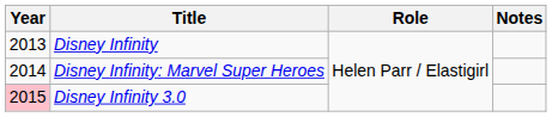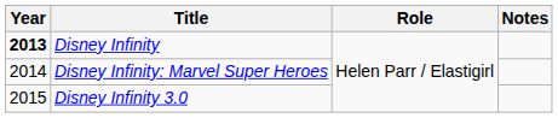 <table class="wikitable">
 <tr>
 <th>Year</th>
 <th>Title</th>
 <th>Role</th>
 <th>Notes</th>
 </tr>
 <tr>
-<td>2013</td>
+<td><strong>2013</strong></td>
 <td><em><a href='#'>Disney Infinity</a></em></td>
 <td rowspan="4">Helen Parr / Elastigirl</td>
 <td></td>
 </tr>
 <tr>
 <td>2014</td>
 <td><em><a href='#'>Disney Infinity: Marvel Super Heroes</a></em></td>
 <td></td>
 </tr>
 <tr>
-<td style="background: pink;">2015</td>
+<td>2015</td>
 <td><em><a href='#'>Disney Infinity 3.0</a></em></td>
 <td></td>
 </tr>
 </table>
